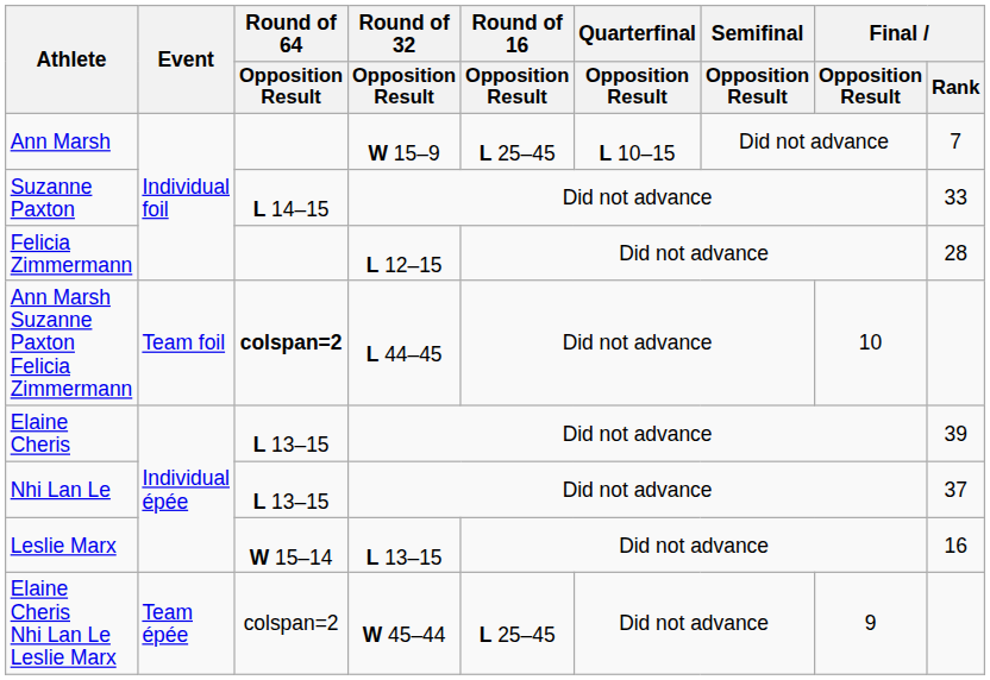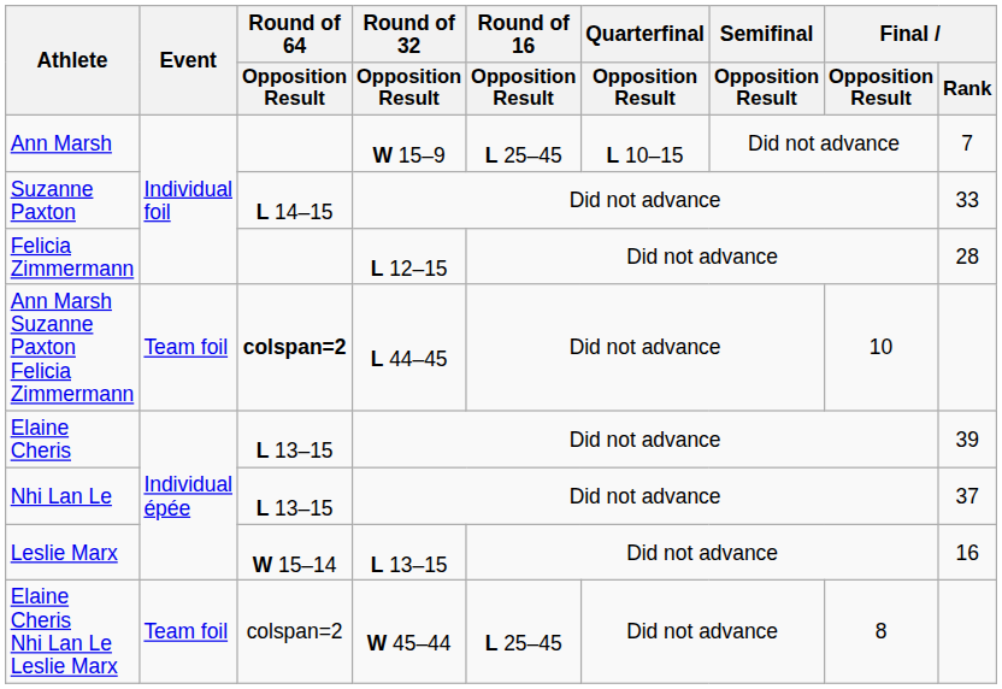 <table class=wikitable style=font-size:90%;text-align:center>
 <tr>
 <th rowspan=2>Athlete</th>
 <th rowspan=2>Event</th>
 <th>Round of 64</th>
 <th>Round of 32</th>
 <th>Round of 16</th>
 <th>Quarterfinal</th>
 <th>Semifinal</th>
 <th colspan=2>Final / </th>
 </tr>
 <tr style=font-size:95%>
 <th>Opposition<br>Result</th>
 <th>Opposition<br>Result</th>
 <th>Opposition<br>Result</th>
 <th>Opposition<br>Result</th>
 <th>Opposition<br>Result</th>
 <th>Opposition<br>Result</th>
 <th>Rank</th>
 </tr>
 <tr>
 <td align=left><a href='#'>Ann Marsh</a></td>
 <td align=left rowspan=3><a href='#'>Individual foil</a></td>
 <td></td>
 <td><br><strong>W</strong> 15–9</td>
 <td><br><strong>L</strong> 25–45</td>
 <td><br><strong>L</strong> 10–15</td>
 <td colspan=2>Did not advance</td>
 <td>7</td>
 </tr>
 <tr>
 <td align=left><a href='#'>Suzanne Paxton</a></td>
 <td><br><strong>L</strong> 14–15</td>
 <td colspan=5>Did not advance</td>
 <td>33</td>
 </tr>
 <tr>
 <td align=left><a href='#'>Felicia Zimmermann</a></td>
 <td></td>
 <td><br><strong>L</strong> 12–15</td>
 <td colspan=4>Did not advance</td>
 <td>28</td>
 </tr>
 <tr>
 <td align=left><a href='#'>Ann Marsh</a><br><a href='#'>Suzanne Paxton</a><br><a href='#'>Felicia Zimmermann</a></td>
 <td align=left><a href='#'>Team foil</a></td>
 <td><strong>colspan=2 </strong></td>
 <td><br><strong>L</strong> 44–45</td>
 <td colspan=3>Did not advance</td>
 <td>10</td>
 </tr>
 <tr>
 <td align=left><a href='#'>Elaine Cheris</a></td>
 <td align=left rowspan=3><a href='#'>Individual épée</a></td>
 <td><br><strong>L</strong> 13–15</td>
 <td colspan=5>Did not advance</td>
 <td>39</td>
 </tr>
 <tr>
 <td align=left><a href='#'>Nhi Lan Le</a></td>
 <td><br><strong>L</strong> 13–15</td>
 <td colspan=5>Did not advance</td>
 <td>37</td>
 </tr>
 <tr>
 <td align=left><a href='#'>Leslie Marx</a></td>
 <td><br><strong>W</strong> 15–14</td>
 <td><br><strong>L</strong> 13–15</td>
 <td colspan=4>Did not advance</td>
 <td>16</td>
 </tr>
 <tr>
 <td align=left><a href='#'>Elaine Cheris</a><br><a href='#'>Nhi Lan Le</a><br><a href='#'>Leslie Marx</a></td>
-<td align=left><a href='#'>Team épée</a></td>
+<td align=left><a href='#'>Team foil</a></td>
 <td>colspan=2 </td>
 <td><br><strong>W</strong> 45–44</td>
 <td><br><strong>L</strong> 25–45</td>
 <td colspan=2>Did not advance</td>
-<td>9</td>
+<td>8</td>
 </tr>
 </table>
